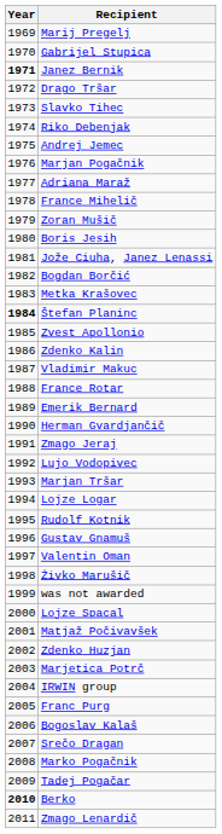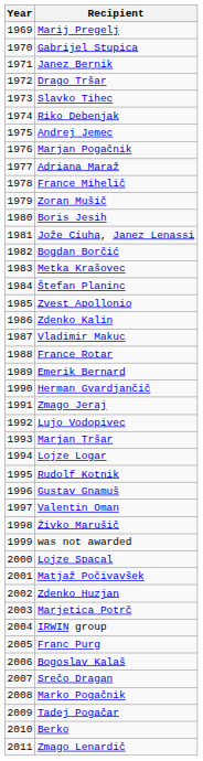 <table class="wikitable sortable">
 <tr>
 <th>Year</th>
 <th>Recipient</th>
 </tr>
 <tr>
 <td>1969</td>
 <td><a href='#'>Marij Pregelj</a></td>
 </tr>
 <tr>
 <td>1970</td>
 <td><a href='#'>Gabrijel Stupica</a></td>
 </tr>
 <tr>
-<td><strong>1971</strong></td>
+<td>1971</td>
 <td><a href='#'>Janez Bernik</a></td>
 </tr>
 <tr>
 <td>1972</td>
 <td><a href='#'>Drago Tršar</a></td>
 </tr>
 <tr>
 <td>1973</td>
 <td><a href='#'>Slavko Tihec</a></td>
 </tr>
 <tr>
 <td>1974</td>
 <td><a href='#'>Riko Debenjak</a></td>
 </tr>
 <tr>
 <td>1975</td>
 <td><a href='#'>Andrej Jemec</a></td>
 </tr>
 <tr>
 <td>1976</td>
 <td><a href='#'>Marjan Pogačnik</a></td>
 </tr>
 <tr>
 <td>1977</td>
 <td><a href='#'>Adriana Maraž</a></td>
 </tr>
 <tr>
 <td>1978</td>
 <td><a href='#'>France Mihelič</a></td>
 </tr>
 <tr>
 <td>1979</td>
 <td><a href='#'>Zoran Mušič</a></td>
 </tr>
 <tr>
 <td>1980</td>
 <td><a href='#'>Boris Jesih</a></td>
 </tr>
 <tr>
 <td>1981</td>
 <td><a href='#'>Jože Ciuha</a>, <a href='#'>Janez Lenassi</a></td>
 </tr>
 <tr>
 <td>1982</td>
 <td><a href='#'>Bogdan Borčić</a></td>
 </tr>
 <tr>
 <td>1983</td>
 <td><a href='#'>Metka Krašovec</a></td>
 </tr>
 <tr>
-<td><strong>1984</strong></td>
+<td>1984</td>
 <td><a href='#'>Štefan Planinc</a></td>
 </tr>
 <tr>
 <td>1985</td>
 <td><a href='#'>Zvest Apollonio</a></td>
 </tr>
 <tr>
 <td>1986</td>
 <td><a href='#'>Zdenko Kalin</a></td>
 </tr>
 <tr>
 <td>1987</td>
 <td><a href='#'>Vladimir Makuc</a></td>
 </tr>
 <tr>
 <td>1988</td>
 <td><a href='#'>France Rotar</a></td>
 </tr>
 <tr>
 <td>1989</td>
 <td><a href='#'>Emerik Bernard</a></td>
 </tr>
 <tr>
 <td>1990</td>
 <td><a href='#'>Herman Gvardjančič</a></td>
 </tr>
 <tr>
 <td>1991</td>
 <td><a href='#'>Zmago Jeraj</a></td>
 </tr>
 <tr>
 <td>1992</td>
 <td><a href='#'>Lujo Vodopivec</a></td>
 </tr>
 <tr>
 <td>1993</td>
 <td><a href='#'>Marjan Tršar</a></td>
 </tr>
 <tr>
 <td>1994</td>
 <td><a href='#'>Lojze Logar</a></td>
 </tr>
 <tr>
 <td>1995</td>
 <td><a href='#'>Rudolf Kotnik</a></td>
 </tr>
 <tr>
 <td>1996</td>
 <td><a href='#'>Gustav Gnamuš</a></td>
 </tr>
 <tr>
 <td>1997</td>
 <td><a href='#'>Valentin Oman</a></td>
 </tr>
 <tr>
 <td>1998</td>
 <td><a href='#'>Živko Marušič</a></td>
 </tr>
 <tr>
 <td>1999</td>
 <td>was not awarded</td>
 </tr>
 <tr>
 <td>2000</td>
 <td><a href='#'>Lojze Spacal</a></td>
 </tr>
 <tr>
 <td>2001</td>
 <td><a href='#'>Matjaž Počivavšek</a></td>
 </tr>
 <tr>
 <td>2002</td>
 <td><a href='#'>Zdenko Huzjan</a></td>
 </tr>
 <tr>
 <td>2003</td>
 <td><a href='#'>Marjetica Potrč</a></td>
 </tr>
 <tr>
 <td>2004</td>
 <td><a href='#'>IRWIN</a> group</td>
 </tr>
 <tr>
 <td>2005</td>
 <td><a href='#'>Franc Purg</a></td>
 </tr>
 <tr>
 <td>2006</td>
 <td><a href='#'>Bogoslav Kalaš</a></td>
 </tr>
 <tr>
 <td>2007</td>
 <td><a href='#'>Srečo Dragan</a></td>
 </tr>
 <tr>
 <td>2008</td>
 <td><a href='#'>Marko Pogačnik</a></td>
 </tr>
 <tr>
 <td>2009</td>
 <td><a href='#'>Tadej Pogačar</a></td>
 </tr>
 <tr>
-<td><strong>2010</strong></td>
+<td>2010</td>
 <td><a href='#'>Berko</a></td>
 </tr>
 <tr>
 <td>2011</td>
 <td><a href='#'>Zmago Lenardič</a></td>
 </tr>
 </table>
